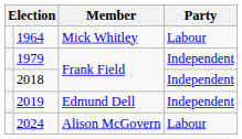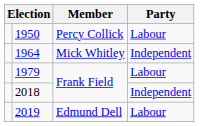 <table class="wikitable">
 <tr>
 <th colspan="2">Election</th>
 <th>Member</th>
 <th>Party</th>
 </tr>
 <tr>
 <td style="color:inherit;background-color: "></td>
+<td><a href='#'>1950</a></td>
+<td><a href='#'>Percy Collick</a></td>
+<td><a href='#'>Labour</a></td>
+</tr>
+<tr>
+<td style="color:inherit;background-color: "></td>
 <td><a href='#'>1964</a></td>
 <td><a href='#'>Mick Whitley</a></td>
-<td><a href='#'>Labour</a></td>
+<td><a href='#'>Independent</a></td>
 </tr>
 <tr>
 <td style="color:inherit;background-color: "></td>
 <td><a href='#'>1979</a></td>
 <td rowspan="2"><a href='#'>Frank Field</a></td>
-<td><a href='#'>Independent</a></td>
+<td><a href='#'>Labour</a></td>
 </tr>
 <tr>
 <td style="color:inherit;background-color: "></td>
 <td>2018</td>
 <td><a href='#'>Independent</a></td>
 </tr>
 <tr>
 <td style="color:inherit;background-color: "></td>
 <td><a href='#'>2019</a></td>
 <td><a href='#'>Edmund Dell</a></td>
-<td><a href='#'>Independent</a></td>
-</tr>
-<tr>
-<td style="color:inherit;background-color: "></td>
-<td><a href='#'>2024</a></td>
-<td><a href='#'>Alison McGovern</a></td>
 <td><a href='#'>Labour</a></td>
 </tr>
 </table>
